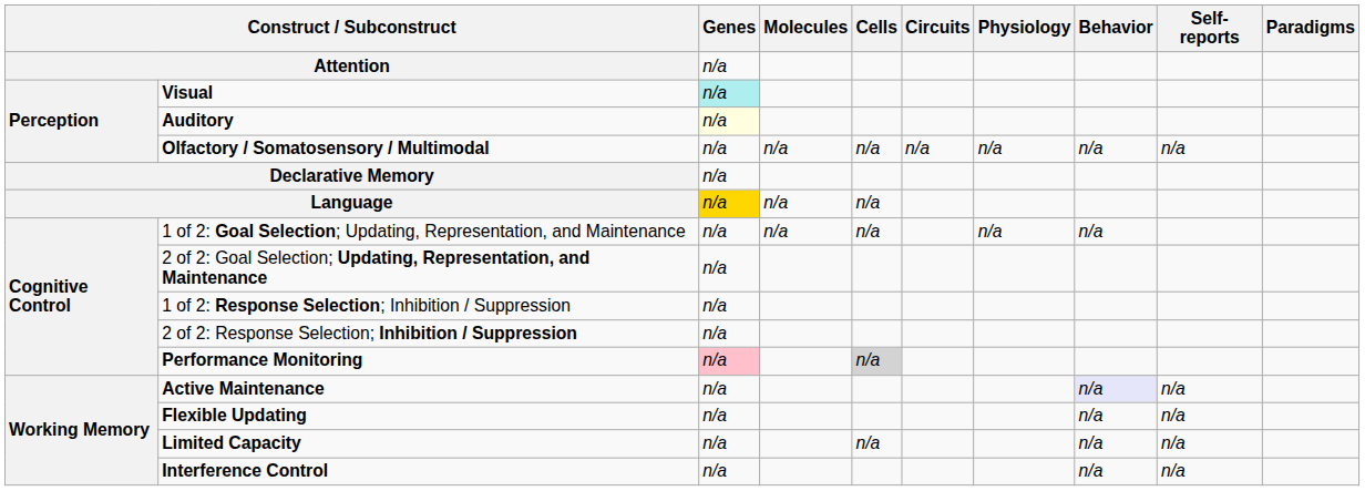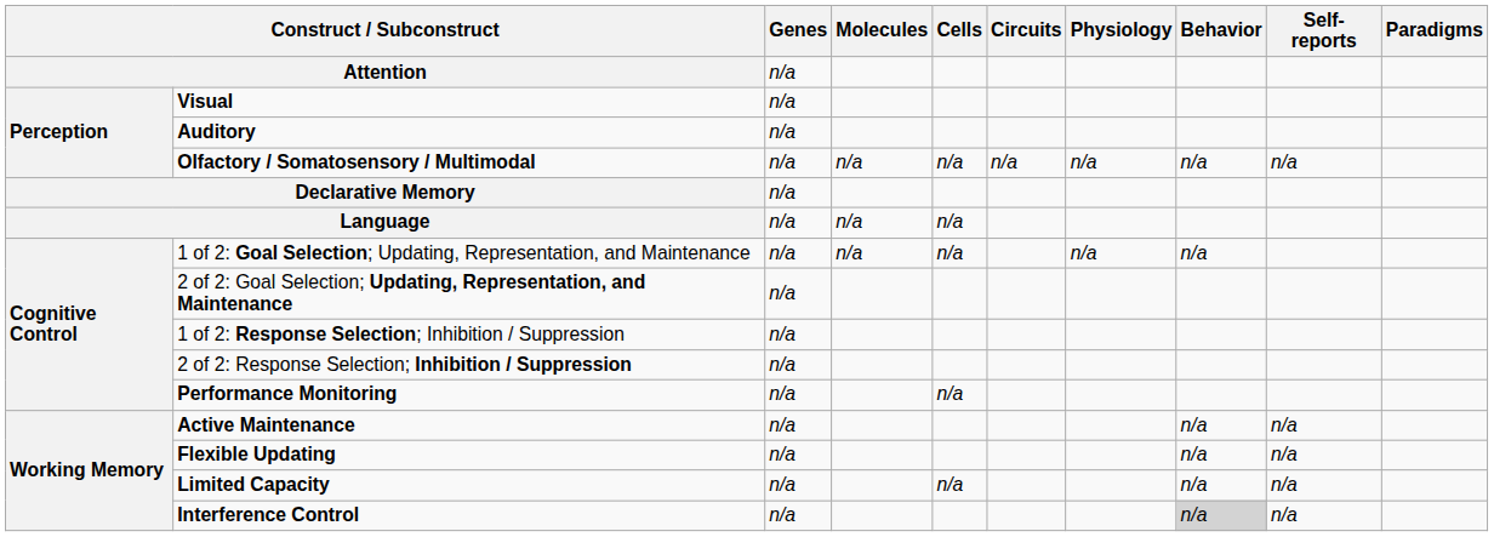 <table class="wikitable">
 <tr>
 <th colspan="2">Construct / Subconstruct</th>
 <th>Genes</th>
 <th>Molecules</th>
 <th>Cells</th>
 <th>Circuits</th>
 <th>Physiology</th>
 <th>Behavior</th>
 <th>Self-reports</th>
 <th>Paradigms</th>
 </tr>
 <tr>
 <th colspan="2">Attention</th>
 <td><em>n/a</em></td>
 <td></td>
 <td></td>
 <td></td>
 <td></td>
 <td></td>
 <td></td>
 <td></td>
 </tr>
 <tr>
 <th rowspan="3" style="text-align: left;">Perception</th>
 <td><strong>Visual</strong></td>
-<td style="background: paleturquoise;"><em>n/a</em></td>
+<td><em>n/a</em></td>
 <td></td>
 <td></td>
 <td></td>
 <td></td>
 <td></td>
 <td></td>
 <td></td>
 </tr>
 <tr>
 <td><strong>Auditory</strong></td>
-<td style="background: lightyellow;"><em>n/a</em></td>
+<td><em>n/a</em></td>
 <td></td>
 <td></td>
 <td></td>
 <td></td>
 <td></td>
 <td></td>
 <td></td>
 </tr>
 <tr>
 <td><strong>Olfactory / Somatosensory / Multimodal</strong></td>
 <td><em>n/a</em></td>
 <td><em>n/a</em></td>
 <td><em>n/a</em></td>
 <td><em>n/a</em></td>
 <td><em>n/a</em></td>
 <td><em>n/a</em></td>
 <td><em>n/a</em></td>
 <td></td>
 </tr>
 <tr>
 <th colspan="2">Declarative Memory</th>
 <td><em>n/a</em></td>
 <td></td>
 <td></td>
 <td></td>
 <td></td>
 <td></td>
 <td></td>
 <td></td>
 </tr>
 <tr>
 <th colspan="2">Language</th>
-<td style="background: gold;"><em>n/a</em></td>
+<td><em>n/a</em></td>
 <td><em>n/a</em></td>
 <td><em>n/a</em></td>
 <td></td>
 <td></td>
 <td></td>
 <td></td>
 <td></td>
 </tr>
 <tr>
 <th rowspan="5" style="text-align: left;">Cognitive Control</th>
 <td>1 of 2: <strong>Goal Selection</strong>; Updating, Representation, and Maintenance</td>
 <td><em>n/a</em></td>
 <td><em>n/a</em></td>
 <td><em>n/a</em></td>
 <td></td>
 <td><em>n/a</em></td>
 <td><em>n/a</em></td>
 <td></td>
 <td></td>
 </tr>
 <tr>
 <td>2 of 2: Goal Selection; <strong>Updating, Representation, and Maintenance</strong></td>
 <td><em>n/a</em></td>
 <td></td>
 <td></td>
 <td></td>
 <td></td>
 <td></td>
 <td></td>
 <td></td>
 </tr>
 <tr>
 <td>1 of 2: <strong>Response Selection</strong>; Inhibition / Suppression</td>
 <td><em>n/a</em></td>
 <td></td>
 <td></td>
 <td></td>
 <td></td>
 <td></td>
 <td></td>
 <td></td>
 </tr>
 <tr>
 <td>2 of 2: Response Selection; <strong>Inhibition / Suppression</strong></td>
 <td><em>n/a</em></td>
 <td></td>
 <td></td>
 <td></td>
 <td></td>
 <td></td>
 <td></td>
 <td></td>
 </tr>
 <tr>
 <td><strong>Performance Monitoring</strong></td>
-<td style="background: pink;"><em>n/a</em></td>
+<td><em>n/a</em></td>
 <td></td>
-<td style="background: lightgrey;"><em>n/a</em></td>
+<td><em>n/a</em></td>
 <td></td>
 <td></td>
 <td></td>
 <td></td>
 <td></td>
 </tr>
 <tr>
 <th rowspan="4" style="text-align: left;">Working Memory</th>
 <td><strong>Active Maintenance</strong></td>
 <td><em>n/a</em></td>
 <td></td>
 <td></td>
 <td></td>
 <td></td>
-<td style="background: lavender;"><em>n/a</em></td>
+<td><em>n/a</em></td>
 <td><em>n/a</em></td>
 <td></td>
 </tr>
 <tr>
 <td><strong>Flexible Updating</strong></td>
 <td><em>n/a</em></td>
 <td></td>
 <td></td>
 <td></td>
 <td></td>
 <td><em>n/a</em></td>
 <td><em>n/a</em></td>
 <td></td>
 </tr>
 <tr>
 <td><strong>Limited Capacity</strong></td>
 <td><em>n/a</em></td>
 <td></td>
 <td><em>n/a</em></td>
 <td></td>
 <td></td>
 <td><em>n/a</em></td>
 <td><em>n/a</em></td>
 <td></td>
 </tr>
 <tr>
 <td><strong>Interference Control</strong></td>
 <td><em>n/a</em></td>
 <td></td>
 <td></td>
 <td></td>
 <td></td>
-<td><em>n/a</em></td>
+<td style="background: lightgrey;"><em>n/a</em></td>
 <td><em>n/a</em></td>
 <td></td>
 </tr>
 </table>
